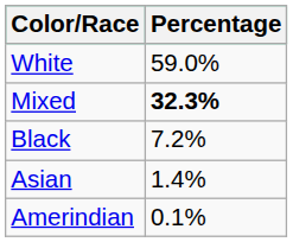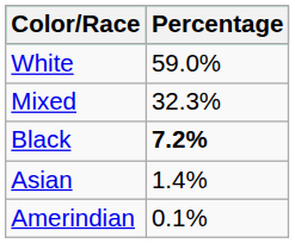 <table class="wikitable">
 <tr style="background:#009966;" colspan=2>
 <th>Color/Race</th>
 <th>Percentage</th>
 </tr>
 <tr>
 <td><a href='#'>White</a></td>
 <td>59.0%</td>
 </tr>
 <tr>
 <td><a href='#'>Mixed</a></td>
-<td><strong>32.3%</strong></td>
+<td>32.3%</td>
 </tr>
 <tr>
 <td><a href='#'>Black</a></td>
-<td>7.2%</td>
+<td><strong>7.2%</strong></td>
 </tr>
 <tr>
 <td><a href='#'>Asian</a></td>
 <td>1.4%</td>
 </tr>
 <tr>
 <td><a href='#'>Amerindian</a></td>
 <td>0.1%</td>
 </tr>
 </table>
